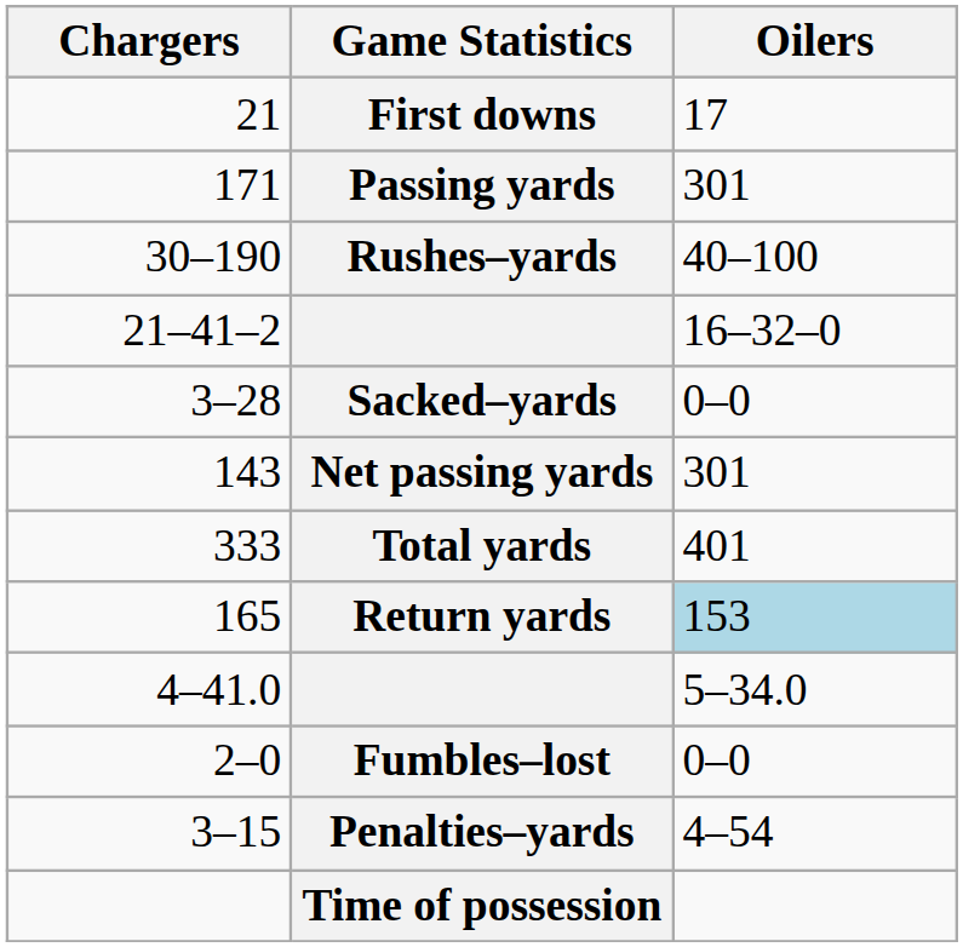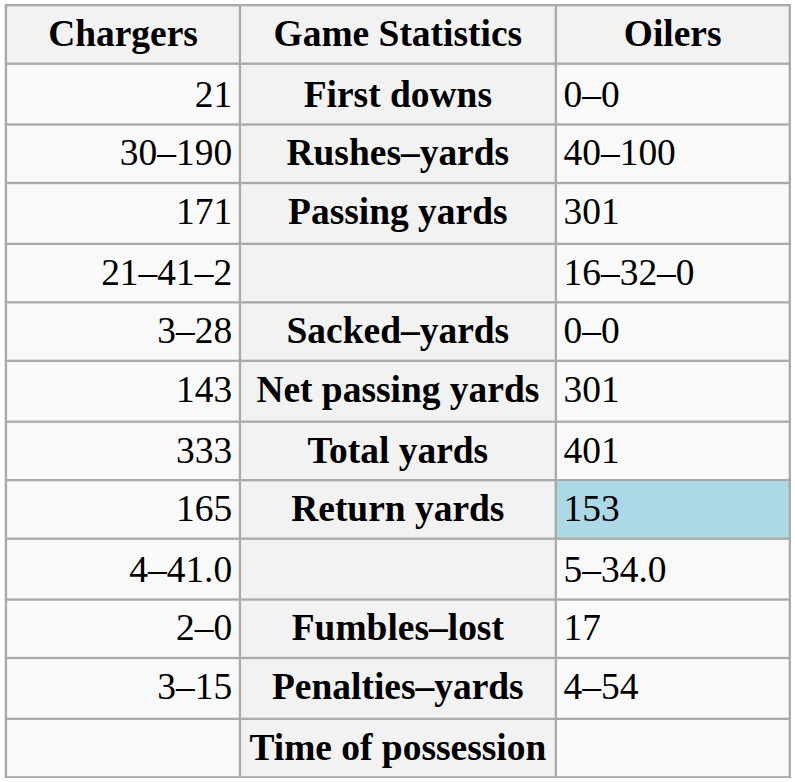 <table class="wikitable" style="margin: 1em auto 1em auto">
 <tr>
 <th style="width:30%;">Chargers</th>
 <th style="width:40%;">Game Statistics</th>
 <th style="width:30%;">Oilers</th>
 </tr>
 <tr>
 <td style="text-align:right;">21</td>
 <th>First downs</th>
-<td>17</td>
+<td>0–0</td>
+</tr>
+<tr>
+<td style="text-align:right;">30–190</td>
+<th>Rushes–yards</th>
+<td>40–100</td>
 </tr>
 <tr>
 <td style="text-align:right;">171</td>
 <th>Passing yards</th>
 <td>301</td>
-</tr>
-<tr>
-<td style="text-align:right;">30–190</td>
-<th>Rushes–yards</th>
-<td>40–100</td>
 </tr>
 <tr>
 <td style="text-align:right;">21–41–2</td>
 <th></th>
 <td>16–32–0</td>
 </tr>
 <tr>
 <td style="text-align:right;">3–28</td>
 <th>Sacked–yards</th>
 <td>0–0</td>
 </tr>
 <tr>
 <td style="text-align:right;">143</td>
 <th>Net passing yards</th>
 <td>301</td>
 </tr>
 <tr>
 <td style="text-align:right;">333</td>
 <th>Total yards</th>
 <td>401</td>
 </tr>
 <tr>
 <td style="text-align:right;">165</td>
 <th>Return yards</th>
 <td style="background: lightblue;">153</td>
 </tr>
 <tr>
 <td style="text-align:right;">4–41.0</td>
 <th></th>
 <td>5–34.0</td>
 </tr>
 <tr>
 <td style="text-align:right;">2–0</td>
 <th>Fumbles–lost</th>
-<td>0–0</td>
+<td>17</td>
 </tr>
 <tr>
 <td style="text-align:right;">3–15</td>
 <th>Penalties–yards</th>
 <td>4–54</td>
 </tr>
 <tr>
 <td style="text-align:right;"></td>
 <th>Time of possession</th>
 <td></td>
 </tr>
 </table>
